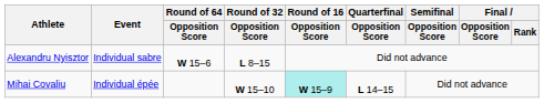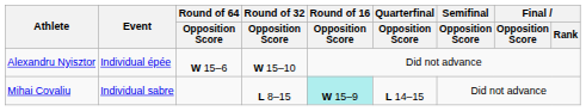 <table class="wikitable" style="font-size:90%">
 <tr>
 <th rowspan="2">Athlete</th>
 <th rowspan="2">Event</th>
 <th>Round of 64</th>
 <th>Round of 32</th>
 <th>Round of 16</th>
 <th>Quarterfinal</th>
 <th>Semifinal</th>
 <th colspan=2>Final / </th>
 </tr>
 <tr style="font-size:95%">
 <th>Opposition <br> Score</th>
 <th>Opposition <br> Score</th>
 <th>Opposition <br> Score</th>
 <th>Opposition <br> Score</th>
 <th>Opposition <br> Score</th>
 <th>Opposition <br> Score</th>
 <th>Rank</th>
 </tr>
 <tr align=center>
 <td align=left><a href='#'>Alexandru Nyisztor</a></td>
-<td align=left><a href='#'>Individual sabre</a></td>
+<td align=left><a href='#'>Individual épée</a></td>
 <td><br><strong>W</strong> 15–6</td>
-<td><br><strong>L</strong> 8–15</td>
+<td><br><strong>W</strong> 15–10</td>
 <td colspan=5>Did not advance</td>
 </tr>
 <tr align=center>
 <td align=left><a href='#'>Mihai Covaliu</a></td>
-<td align=left><a href='#'>Individual épée</a></td>
+<td align=left><a href='#'>Individual sabre</a></td>
 <td></td>
-<td><br><strong>W</strong> 15–10</td>
+<td><br><strong>L</strong> 8–15</td>
 <td style="background: paleturquoise;"><br><strong>W</strong> 15–9</td>
 <td><br><strong>L</strong> 14–15</td>
 <td colspan=3>Did not advance</td>
 </tr>
 </table>
